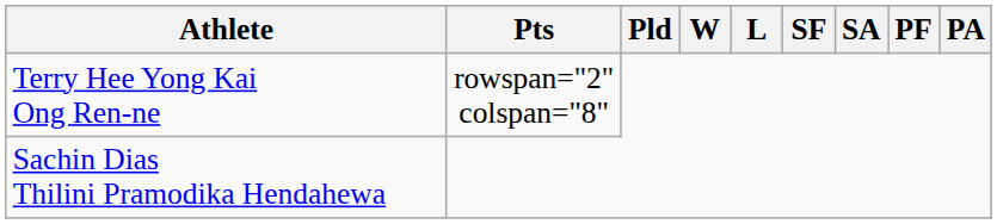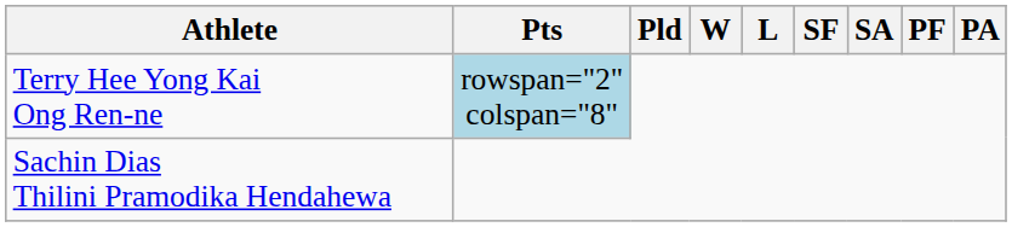 <table class=wikitable style="text-align:center">
 <tr>
 <th width="225">Athlete</th>
 <th width="20">Pts</th>
 <th width="20">Pld</th>
 <th width="20">W</th>
 <th width="20">L</th>
 <th width="20">SF</th>
 <th width="20">SA</th>
 <th width="20">PF</th>
 <th width="20">PA</th>
 </tr>
 <tr>
 <td style="text-align:left"> <a href='#'>Terry Hee Yong Kai</a> <br>  <a href='#'>Ong Ren-ne</a></td>
-<td>rowspan="2" colspan="8" </td>
+<td style="background: lightblue;">rowspan="2" colspan="8" </td>
 </tr>
 <tr>
 <td style="text-align:left"> <a href='#'>Sachin Dias</a> <br>  <a href='#'>Thilini Pramodika Hendahewa</a></td>
 </tr>
 </table>
